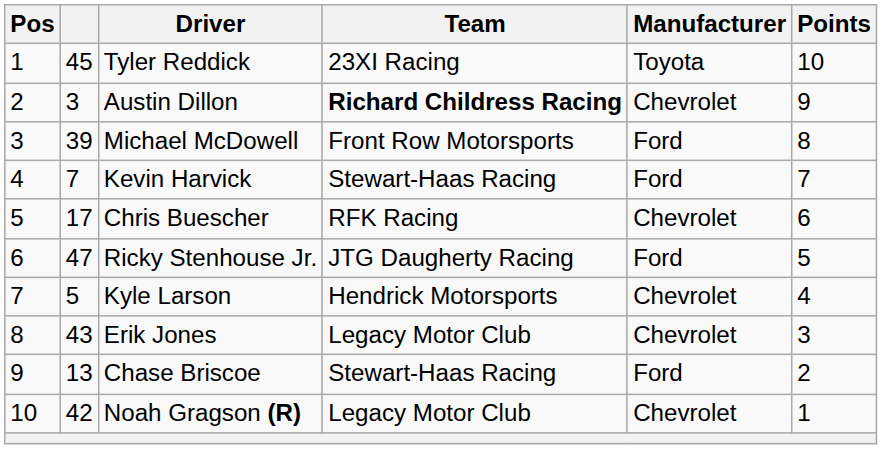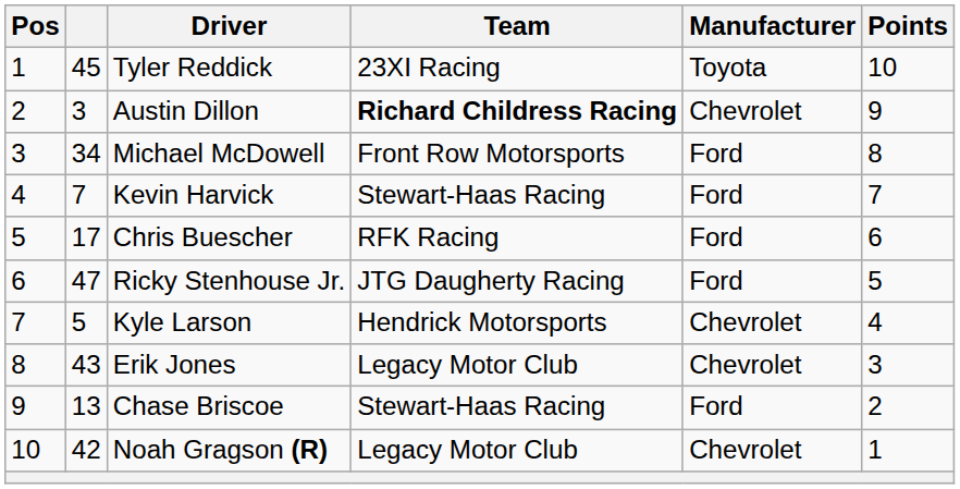 <table class="wikitable" style="font-size:98%">
 <tr>
 <th>Pos</th>
 <th></th>
 <th>Driver</th>
 <th>Team</th>
 <th>Manufacturer</th>
 <th>Points</th>
 </tr>
 <tr>
 <td>1</td>
 <td>45</td>
 <td>Tyler Reddick</td>
 <td>23XI Racing</td>
 <td>Toyota</td>
 <td>10</td>
 </tr>
 <tr>
 <td>2</td>
 <td>3</td>
 <td>Austin Dillon</td>
 <td><strong>Richard Childress Racing</strong></td>
 <td>Chevrolet</td>
 <td>9</td>
 </tr>
 <tr>
 <td>3</td>
-<td>39</td>
+<td>34</td>
 <td>Michael McDowell</td>
 <td>Front Row Motorsports</td>
 <td>Ford</td>
 <td>8</td>
 </tr>
 <tr>
 <td>4</td>
 <td>7</td>
 <td>Kevin Harvick</td>
 <td>Stewart-Haas Racing</td>
 <td>Ford</td>
 <td>7</td>
 </tr>
 <tr>
 <td>5</td>
 <td>17</td>
 <td>Chris Buescher</td>
 <td>RFK Racing</td>
-<td>Chevrolet</td>
+<td>Ford</td>
 <td>6</td>
 </tr>
 <tr>
 <td>6</td>
 <td>47</td>
 <td>Ricky Stenhouse Jr.</td>
 <td>JTG Daugherty Racing</td>
 <td>Ford</td>
 <td>5</td>
 </tr>
 <tr>
 <td>7</td>
 <td>5</td>
 <td>Kyle Larson</td>
 <td>Hendrick Motorsports</td>
 <td>Chevrolet</td>
 <td>4</td>
 </tr>
 <tr>
 <td>8</td>
 <td>43</td>
 <td>Erik Jones</td>
 <td>Legacy Motor Club</td>
 <td>Chevrolet</td>
 <td>3</td>
 </tr>
 <tr>
 <td>9</td>
 <td>13</td>
 <td>Chase Briscoe</td>
 <td>Stewart-Haas Racing</td>
 <td>Ford</td>
 <td>2</td>
 </tr>
 <tr>
 <td>10</td>
 <td>42</td>
 <td>Noah Gragson <strong>(R)</strong></td>
 <td>Legacy Motor Club</td>
 <td>Chevrolet</td>
 <td>1</td>
 </tr>
 <tr>
 <th colspan="6"></th>
 </tr>
 </table>
